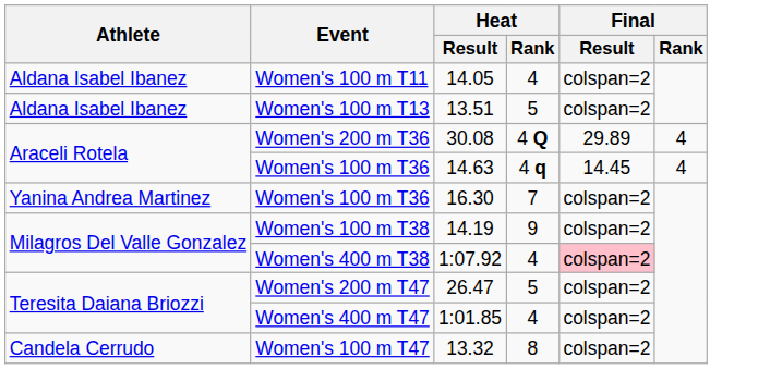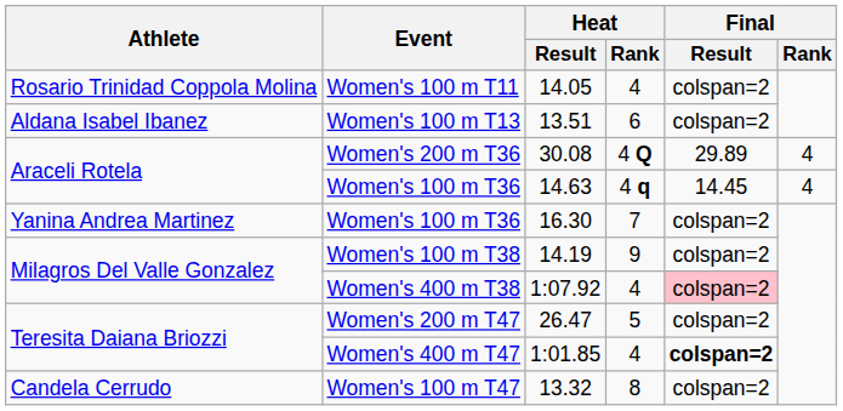 <table class="wikitable" style="font-size:90%">
 <tr>
 <th rowspan="2">Athlete</th>
 <th rowspan="2">Event</th>
 <th colspan="2">Heat</th>
 <th colspan="2">Final</th>
 </tr>
 <tr style="font-size:95%">
 <th>Result</th>
 <th>Rank</th>
 <th>Result</th>
 <th>Rank</th>
 </tr>
 <tr align=center>
-<td align=left><a href='#'>Aldana Isabel Ibanez</a></td>
+<td align=left><a href='#'>Rosario Trinidad Coppola Molina</a></td>
 <td align=left><a href='#'>Women's 100 m T11</a></td>
 <td>14.05</td>
 <td>4</td>
 <td>colspan=2 </td>
 </tr>
 <tr align=center>
 <td align=left><a href='#'>Aldana Isabel Ibanez</a></td>
 <td align=left><a href='#'>Women's 100 m T13</a></td>
 <td>13.51</td>
-<td>5</td>
+<td>6</td>
 <td>colspan=2 </td>
 </tr>
 <tr align=center>
 <td align=left rowspan=2><a href='#'>Araceli Rotela</a></td>
 <td align=left><a href='#'>Women's 200 m T36</a></td>
 <td>30.08</td>
 <td>4 <strong>Q</strong></td>
 <td>29.89</td>
 <td>4</td>
 </tr>
 <tr align=center>
 <td align=left><a href='#'>Women's 100 m T36</a></td>
 <td>14.63</td>
 <td>4 <strong>q</strong></td>
 <td>14.45</td>
 <td>4</td>
 </tr>
 <tr align="center">
 <td align=left><a href='#'>Yanina Andrea Martinez</a></td>
 <td align=left><a href='#'>Women's 100 m T36</a></td>
 <td>16.30</td>
 <td>7</td>
 <td>colspan=2 </td>
 </tr>
 <tr align=center>
 <td align=left rowspan=2><a href='#'>Milagros Del Valle Gonzalez</a></td>
 <td align=left><a href='#'>Women's 100 m T38</a></td>
 <td>14.19</td>
 <td>9</td>
 <td>colspan=2 </td>
 </tr>
 <tr align=center>
 <td align=left><a href='#'>Women's 400 m T38</a></td>
 <td>1:07.92</td>
 <td>4</td>
 <td style="background: pink;">colspan=2 </td>
 </tr>
 <tr align=center>
 <td align=left rowspan="2"><a href='#'>Teresita Daiana Briozzi</a></td>
 <td align=left><a href='#'>Women's 200 m T47</a></td>
 <td>26.47</td>
 <td>5</td>
 <td>colspan=2 </td>
 </tr>
 <tr align="center">
 <td align="left"><a href='#'>Women's 400 m T47</a></td>
 <td>1:01.85</td>
 <td>4</td>
-<td>colspan=2 </td>
+<td><strong>colspan=2 </strong></td>
 </tr>
 <tr align=center>
 <td align=left><a href='#'>Candela Cerrudo</a></td>
 <td align=left><a href='#'>Women's 100 m T47</a></td>
 <td>13.32</td>
 <td>8</td>
 <td>colspan=2 </td>
 </tr>
 </table>
